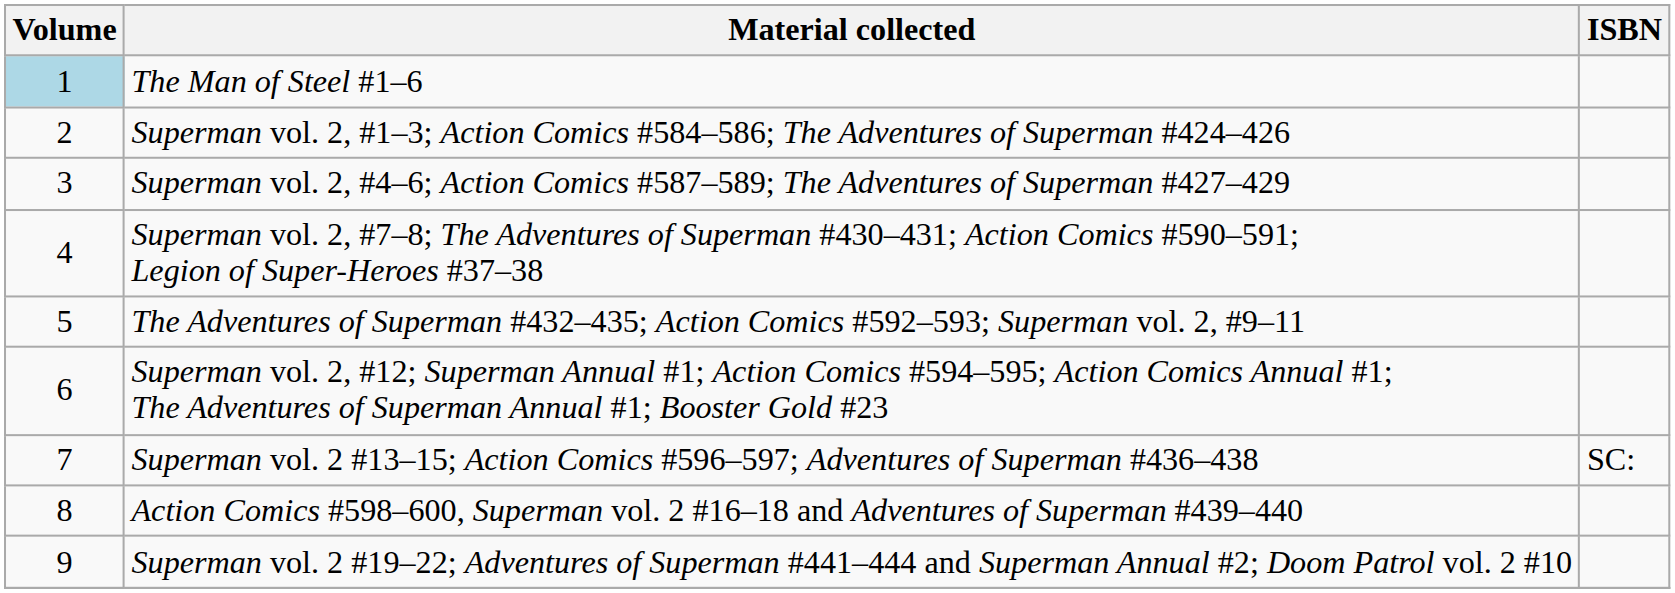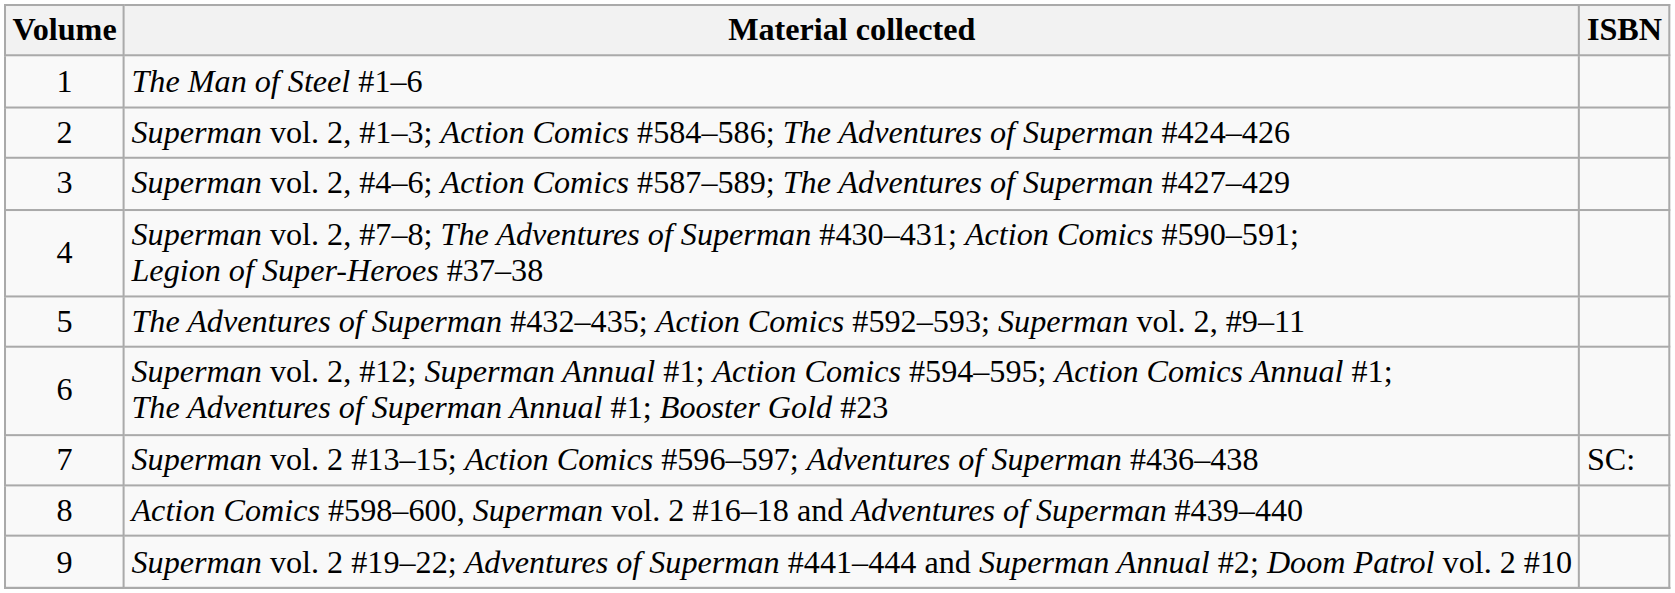 <table class="wikitable">
 <tr>
 <th>Volume</th>
 <th>Material collected</th>
 <th>ISBN</th>
 </tr>
 <tr>
-<td align="center" style="background: lightblue;">1</td>
+<td align="center">1</td>
 <td><em>The Man of Steel</em> #1–6</td>
 <td></td>
 </tr>
 <tr>
 <td align="center">2</td>
 <td><em>Superman</em> vol. 2, #1–3; <em>Action Comics</em> #584–586; <em>The Adventures of Superman</em> #424–426</td>
 <td></td>
 </tr>
 <tr>
 <td align="center">3</td>
 <td><em>Superman</em> vol. 2, #4–6; <em>Action Comics</em> #587–589; <em>The Adventures of Superman</em> #427–429</td>
 <td></td>
 </tr>
 <tr>
 <td align="center">4</td>
 <td><em>Superman</em> vol. 2, #7–8; <em>The Adventures of Superman</em> #430–431; <em>Action Comics</em> #590–591;<br> <em>Legion of Super-Heroes</em> #37–38</td>
 <td></td>
 </tr>
 <tr>
 <td align="center">5</td>
 <td><em>The Adventures of Superman</em> #432–435; <em>Action Comics</em> #592–593; <em>Superman</em> vol. 2, #9–11</td>
 <td></td>
 </tr>
 <tr>
 <td align="center">6</td>
 <td><em>Superman</em> vol. 2, #12; <em>Superman Annual</em> #1; <em>Action Comics</em> #594–595; <em>Action Comics Annual</em> #1;<br> <em>The Adventures of Superman Annual</em> #1; <em>Booster Gold</em> #23</td>
 <td></td>
 </tr>
 <tr>
 <td align="center">7</td>
 <td><em>Superman</em> vol. 2 #13–15; <em>Action Comics</em> #596–597; <em>Adventures of Superman</em> #436–438</td>
 <td>SC: </td>
 </tr>
 <tr>
 <td align="center">8</td>
 <td><em>Action Comics</em> #598–600, <em>Superman</em> vol. 2 #16–18 and <em>Adventures of Superman</em> #439–440</td>
 <td></td>
 </tr>
 <tr>
 <td align="center">9</td>
 <td><em>Superman</em> vol. 2 #19–22; <em>Adventures of Superman</em> #441–444 and <em>Superman Annual</em> #2; <em>Doom Patrol</em> vol. 2 #10</td>
 <td></td>
 </tr>
 <tr>
 </tr>
 </table>
